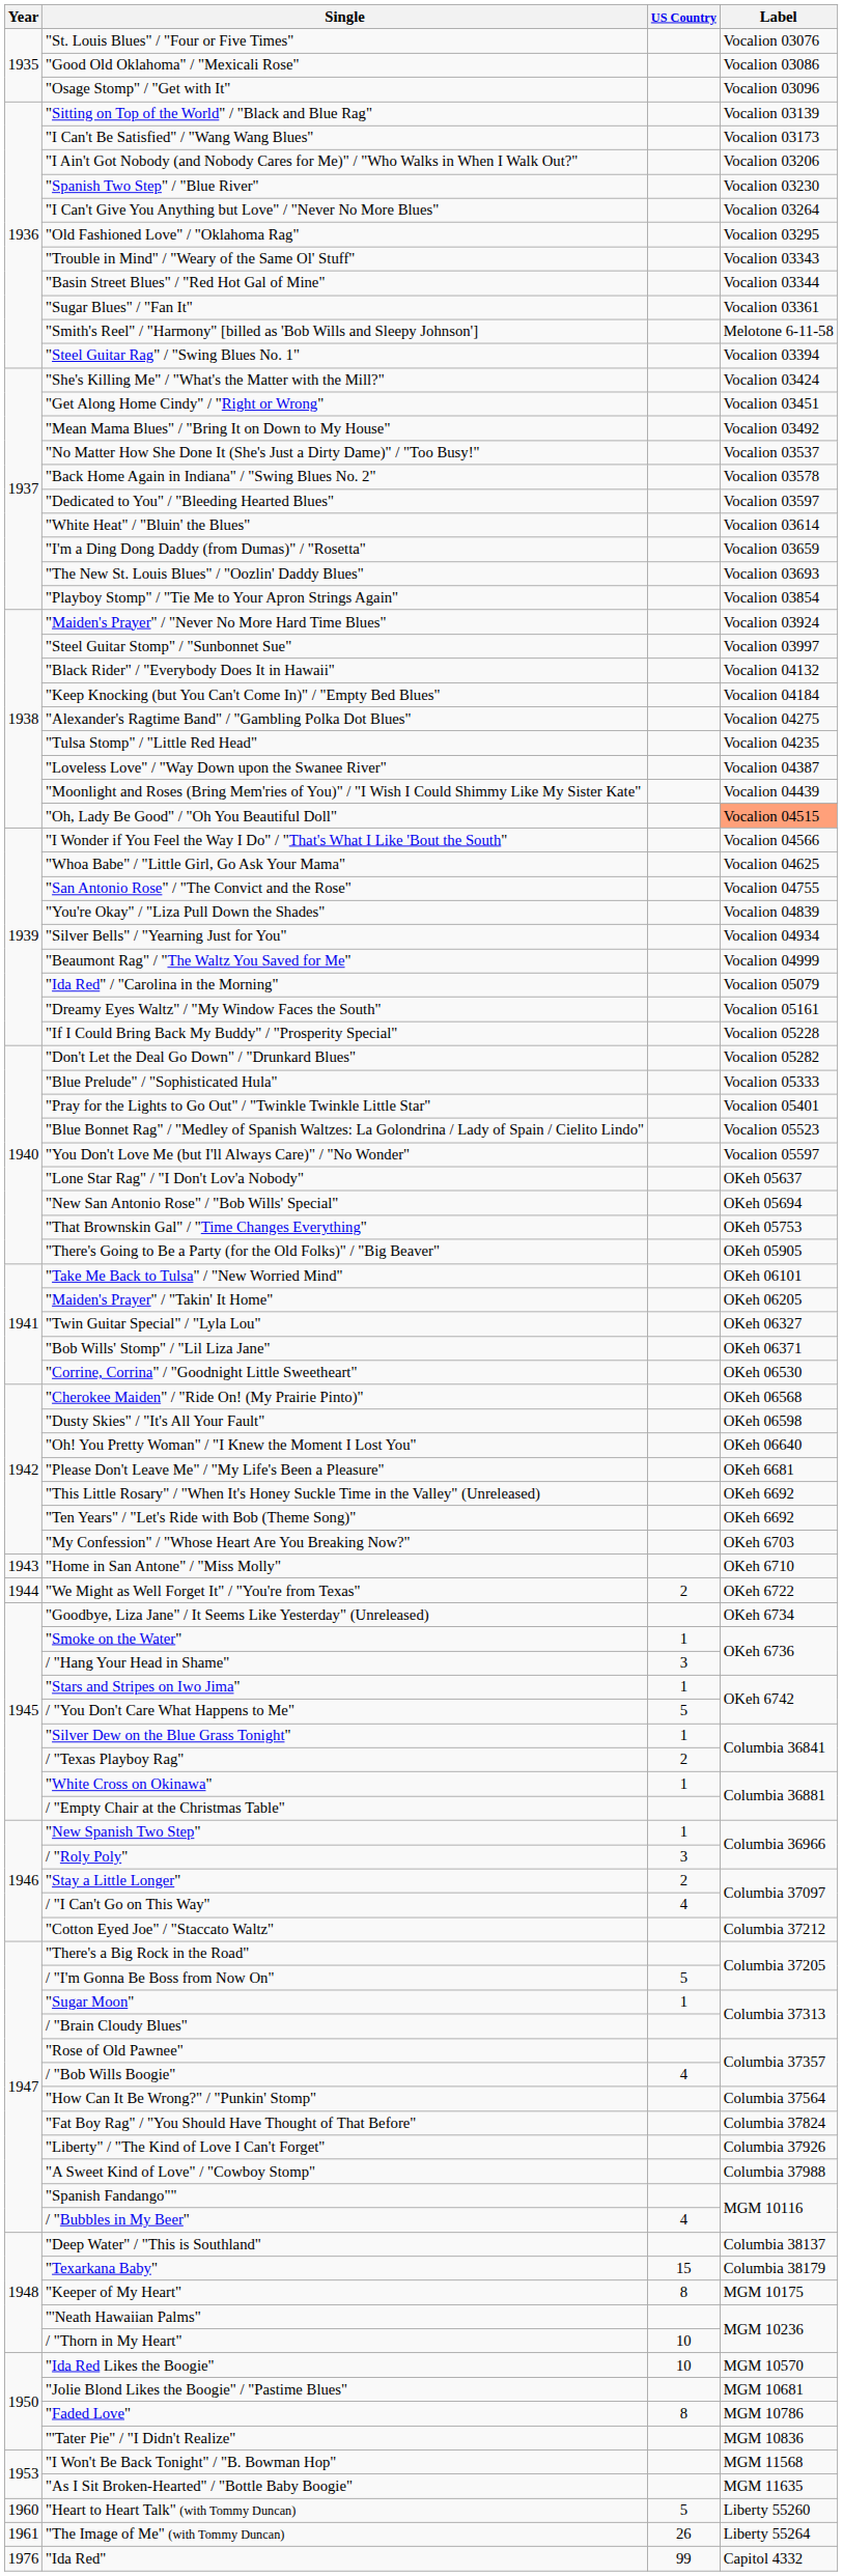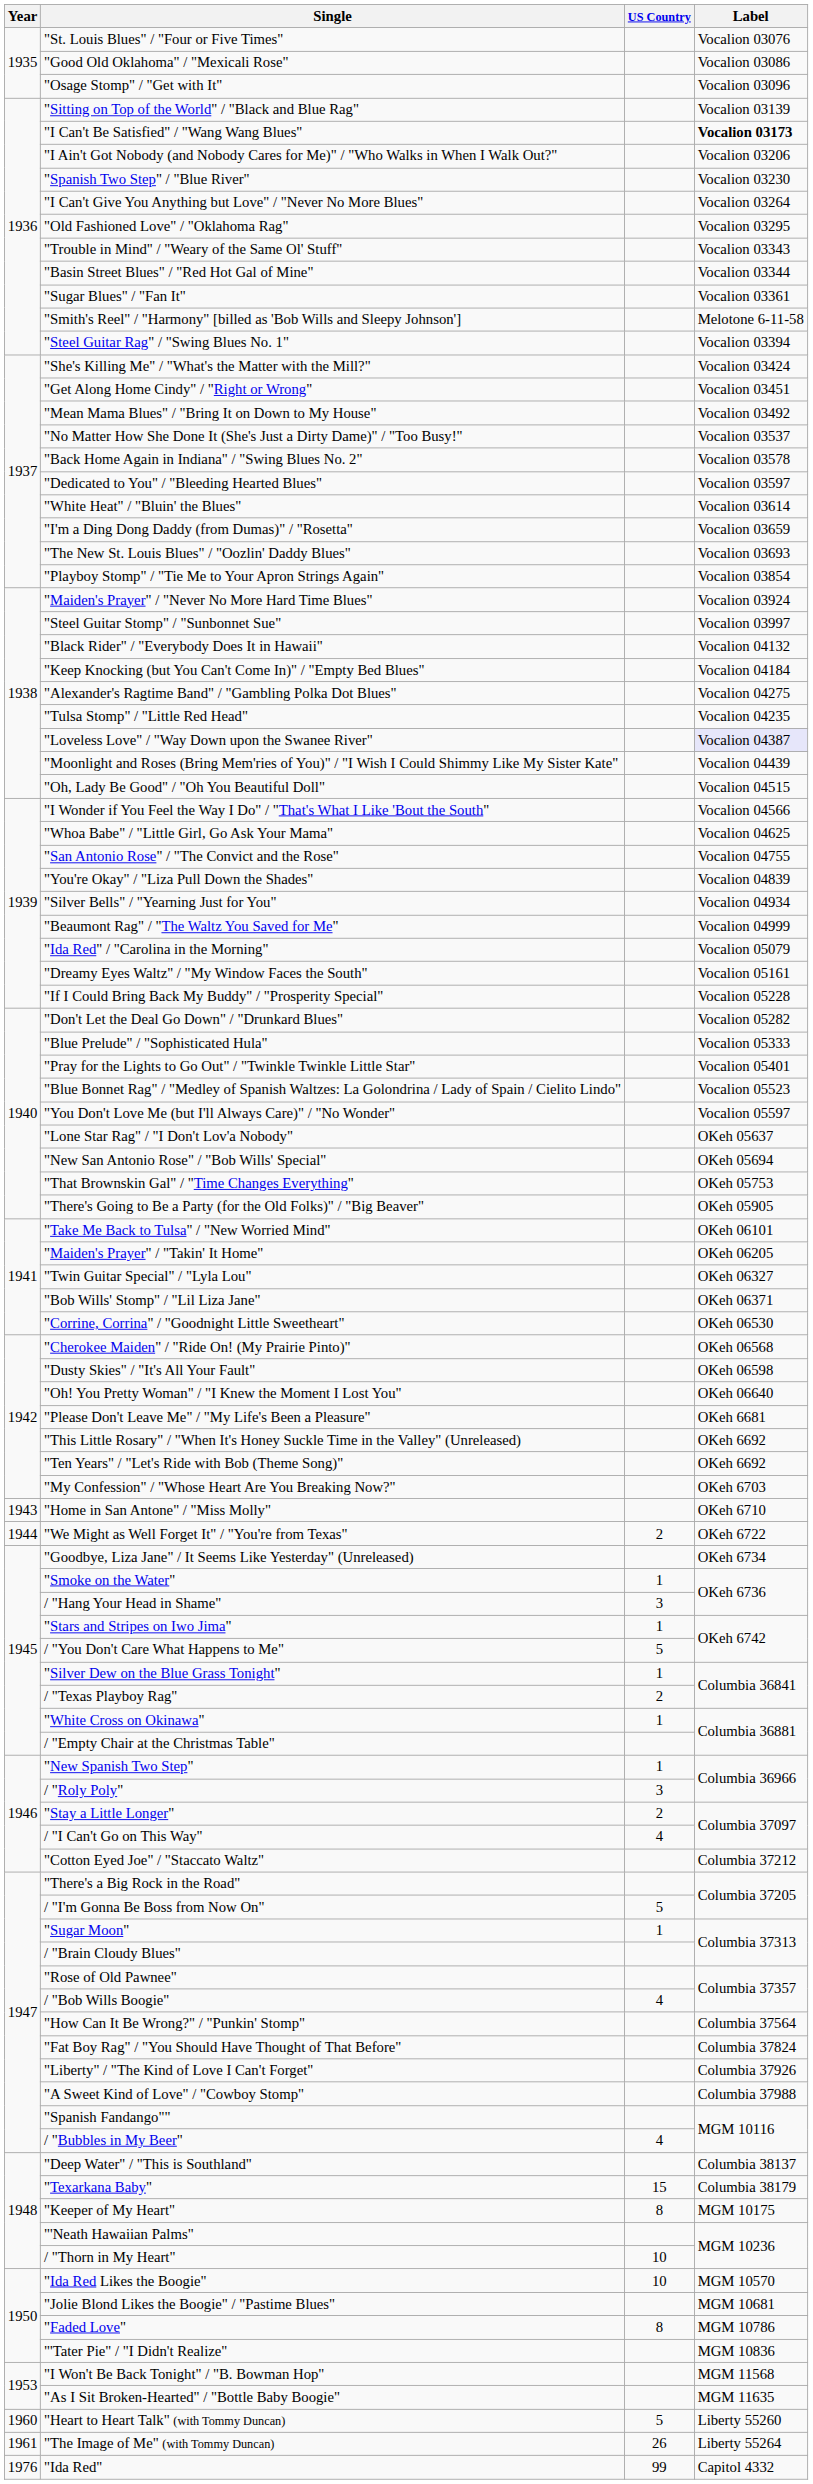 <table class="wikitable">
 <tr>
 <th>Year</th>
 <th>Single</th>
 <th><small><a href='#'>US Country</a></small></th>
 <th>Label</th>
 </tr>
 <tr>
 <td rowspan="3">1935</td>
 <td>"St. Louis Blues" / "Four or Five Times"</td>
 <td></td>
 <td>Vocalion 03076</td>
 </tr>
 <tr>
 <td>"Good Old Oklahoma" / "Mexicali Rose"</td>
 <td></td>
 <td>Vocalion 03086</td>
 </tr>
 <tr>
 <td>"Osage Stomp" / "Get with It"</td>
 <td></td>
 <td>Vocalion 03096</td>
 </tr>
 <tr>
 <td rowspan="11">1936</td>
 <td>"<a href='#'>Sitting on Top of the World</a>" / "Black and Blue Rag"</td>
 <td></td>
 <td>Vocalion 03139</td>
 </tr>
 <tr>
 <td>"I Can't Be Satisfied" / "Wang Wang Blues"</td>
 <td></td>
-<td>Vocalion 03173</td>
+<td><strong>Vocalion 03173</strong></td>
 </tr>
 <tr>
 <td>"I Ain't Got Nobody (and Nobody Cares for Me)" / "Who Walks in When I Walk Out?"</td>
 <td></td>
 <td>Vocalion 03206</td>
 </tr>
 <tr>
 <td>"<a href='#'>Spanish Two Step</a>" / "Blue River"</td>
 <td></td>
 <td>Vocalion 03230</td>
 </tr>
 <tr>
 <td>"I Can't Give You Anything but Love" / "Never No More Blues"</td>
 <td></td>
 <td>Vocalion 03264</td>
 </tr>
 <tr>
 <td>"Old Fashioned Love" / "Oklahoma Rag"</td>
 <td></td>
 <td>Vocalion 03295</td>
 </tr>
 <tr>
 <td>"Trouble in Mind" / "Weary of the Same Ol' Stuff"</td>
 <td></td>
 <td>Vocalion 03343</td>
 </tr>
 <tr>
 <td>"Basin Street Blues" / "Red Hot Gal of Mine"</td>
 <td></td>
 <td>Vocalion 03344</td>
 </tr>
 <tr>
 <td>"Sugar Blues" / "Fan It"</td>
 <td></td>
 <td>Vocalion 03361</td>
 </tr>
 <tr>
 <td>"Smith's Reel" / "Harmony" [billed as 'Bob Wills and Sleepy Johnson']</td>
 <td></td>
 <td>Melotone 6-11-58</td>
 </tr>
 <tr>
 <td>"<a href='#'>Steel Guitar Rag</a>" / "Swing Blues No. 1"</td>
 <td></td>
 <td>Vocalion 03394</td>
 </tr>
 <tr>
 <td rowspan="10">1937</td>
 <td>"She's Killing Me" / "What's the Matter with the Mill?"</td>
 <td></td>
 <td>Vocalion 03424</td>
 </tr>
 <tr>
 <td>"Get Along Home Cindy" / "<a href='#'>Right or Wrong</a>"</td>
 <td></td>
 <td>Vocalion 03451</td>
 </tr>
 <tr>
 <td>"Mean Mama Blues" / "Bring It on Down to My House"</td>
 <td></td>
 <td>Vocalion 03492</td>
 </tr>
 <tr>
 <td>"No Matter How She Done It (She's Just a Dirty Dame)" / "Too Busy!"</td>
 <td></td>
 <td>Vocalion 03537</td>
 </tr>
 <tr>
 <td>"Back Home Again in Indiana" / "Swing Blues No. 2"</td>
 <td></td>
 <td>Vocalion 03578</td>
 </tr>
 <tr>
 <td>"Dedicated to You" / "Bleeding Hearted Blues"</td>
 <td></td>
 <td>Vocalion 03597</td>
 </tr>
 <tr>
 <td>"White Heat" / "Bluin' the Blues"</td>
 <td></td>
 <td>Vocalion 03614</td>
 </tr>
 <tr>
 <td>"I'm a Ding Dong Daddy (from Dumas)" / "Rosetta"</td>
 <td></td>
 <td>Vocalion 03659</td>
 </tr>
 <tr>
 <td>"The New St. Louis Blues" / "Oozlin' Daddy Blues"</td>
 <td></td>
 <td>Vocalion 03693</td>
 </tr>
 <tr>
 <td>"Playboy Stomp" / "Tie Me to Your Apron Strings Again"</td>
 <td></td>
 <td>Vocalion 03854</td>
 </tr>
 <tr>
 <td rowspan="9">1938</td>
 <td>"<a href='#'>Maiden's Prayer</a>" / "Never No More Hard Time Blues"</td>
 <td></td>
 <td>Vocalion 03924</td>
 </tr>
 <tr>
 <td>"Steel Guitar Stomp" / "Sunbonnet Sue"</td>
 <td></td>
 <td>Vocalion 03997</td>
 </tr>
 <tr>
 <td>"Black Rider" / "Everybody Does It in Hawaii"</td>
 <td></td>
 <td>Vocalion 04132</td>
 </tr>
 <tr>
 <td>"Keep Knocking (but You Can't Come In)" / "Empty Bed Blues"</td>
 <td></td>
 <td>Vocalion 04184</td>
 </tr>
 <tr>
 <td>"Alexander's Ragtime Band" / "Gambling Polka Dot Blues"</td>
 <td></td>
 <td>Vocalion 04275</td>
 </tr>
 <tr>
 <td>"Tulsa Stomp" / "Little Red Head"</td>
 <td></td>
 <td>Vocalion 04235</td>
 </tr>
 <tr>
 <td>"Loveless Love" / "Way Down upon the Swanee River"</td>
 <td></td>
-<td>Vocalion 04387</td>
+<td style="background: lavender;">Vocalion 04387</td>
 </tr>
 <tr>
 <td>"Moonlight and Roses (Bring Mem'ries of You)" / "I Wish I Could Shimmy Like My Sister Kate"</td>
 <td></td>
 <td>Vocalion 04439</td>
 </tr>
 <tr>
 <td>"Oh, Lady Be Good" / "Oh You Beautiful Doll"</td>
 <td></td>
-<td style="background: lightsalmon;">Vocalion 04515</td>
+<td>Vocalion 04515</td>
 </tr>
 <tr>
 <td rowspan="9">1939</td>
 <td>"I Wonder if You Feel the Way I Do" / "<a href='#'>That's What I Like 'Bout the South</a>"</td>
 <td></td>
 <td>Vocalion 04566</td>
 </tr>
 <tr>
 <td>"Whoa Babe" / "Little Girl, Go Ask Your Mama"</td>
 <td></td>
 <td>Vocalion 04625</td>
 </tr>
 <tr>
 <td>"<a href='#'>San Antonio Rose</a>" / "The Convict and the Rose"</td>
 <td></td>
 <td>Vocalion 04755</td>
 </tr>
 <tr>
 <td>"You're Okay" / "Liza Pull Down the Shades"</td>
 <td></td>
 <td>Vocalion 04839</td>
 </tr>
 <tr>
 <td>"Silver Bells" / "Yearning Just for You"</td>
 <td></td>
 <td>Vocalion 04934</td>
 </tr>
 <tr>
 <td>"Beaumont Rag" / "<a href='#'>The Waltz You Saved for Me</a>"</td>
 <td></td>
 <td>Vocalion 04999</td>
 </tr>
 <tr>
 <td>"<a href='#'>Ida Red</a>" / "Carolina in the Morning"</td>
 <td></td>
 <td>Vocalion 05079</td>
 </tr>
 <tr>
 <td>"Dreamy Eyes Waltz" / "My Window Faces the South"</td>
 <td></td>
 <td>Vocalion 05161</td>
 </tr>
 <tr>
 <td>"If I Could Bring Back My Buddy" / "Prosperity Special"</td>
 <td></td>
 <td>Vocalion 05228</td>
 </tr>
 <tr>
 <td rowspan="9">1940</td>
 <td>"Don't Let the Deal Go Down" / "Drunkard Blues"</td>
 <td></td>
 <td>Vocalion 05282</td>
 </tr>
 <tr>
 <td>"Blue Prelude" / "Sophisticated Hula"</td>
 <td></td>
 <td>Vocalion 05333</td>
 </tr>
 <tr>
 <td>"Pray for the Lights to Go Out" / "Twinkle Twinkle Little Star"</td>
 <td></td>
 <td>Vocalion 05401</td>
 </tr>
 <tr>
 <td>"Blue Bonnet Rag" / "Medley of Spanish Waltzes: La Golondrina / Lady of Spain / Cielito Lindo"</td>
 <td></td>
 <td>Vocalion 05523</td>
 </tr>
 <tr>
 <td>"You Don't Love Me (but I'll Always Care)" / "No Wonder"</td>
 <td></td>
 <td>Vocalion 05597</td>
 </tr>
 <tr>
 <td>"Lone Star Rag" / "I Don't Lov'a Nobody"</td>
 <td></td>
 <td>OKeh 05637</td>
 </tr>
 <tr>
 <td>"New San Antonio Rose" / "Bob Wills' Special"</td>
 <td></td>
 <td>OKeh 05694</td>
 </tr>
 <tr>
 <td>"That Brownskin Gal" / "<a href='#'>Time Changes Everything</a>"</td>
 <td></td>
 <td>OKeh 05753</td>
 </tr>
 <tr>
 <td>"There's Going to Be a Party (for the Old Folks)" / "Big Beaver"</td>
 <td></td>
 <td>OKeh 05905</td>
 </tr>
 <tr>
 <td rowspan="5">1941</td>
 <td>"<a href='#'>Take Me Back to Tulsa</a>" / "New Worried Mind"</td>
 <td></td>
 <td>OKeh 06101</td>
 </tr>
 <tr>
 <td>"<a href='#'>Maiden's Prayer</a>" / "Takin' It Home"</td>
 <td></td>
 <td>OKeh 06205</td>
 </tr>
 <tr>
 <td>"Twin Guitar Special" / "Lyla Lou"</td>
 <td></td>
 <td>OKeh 06327</td>
 </tr>
 <tr>
 <td>"Bob Wills' Stomp" / "Lil Liza Jane"</td>
 <td></td>
 <td>OKeh 06371</td>
 </tr>
 <tr>
 <td>"<a href='#'>Corrine, Corrina</a>" / "Goodnight Little Sweetheart"</td>
 <td></td>
 <td>OKeh 06530</td>
 </tr>
 <tr>
 <td rowspan="7">1942</td>
 <td>"<a href='#'>Cherokee Maiden</a>" / "Ride On! (My Prairie Pinto)"</td>
 <td></td>
 <td>OKeh 06568</td>
 </tr>
 <tr>
 <td>"Dusty Skies" / "It's All Your Fault"</td>
 <td></td>
 <td>OKeh 06598</td>
 </tr>
 <tr>
 <td>"Oh! You Pretty Woman" / "I Knew the Moment I Lost You"</td>
 <td></td>
 <td>OKeh 06640</td>
 </tr>
 <tr>
 <td>"Please Don't Leave Me" / "My Life's Been a Pleasure"</td>
 <td></td>
 <td>OKeh 6681</td>
 </tr>
 <tr>
 <td>"This Little Rosary" / "When It's Honey Suckle Time in the Valley" (Unreleased)</td>
 <td></td>
 <td>OKeh 6692</td>
 </tr>
 <tr>
 <td>"Ten Years" / "Let's Ride with Bob (Theme Song)"</td>
 <td></td>
 <td>OKeh 6692</td>
 </tr>
 <tr>
 <td>"My Confession" / "Whose Heart Are You Breaking Now?"</td>
 <td></td>
 <td>OKeh 6703</td>
 </tr>
 <tr>
 <td>1943</td>
 <td>"Home in San Antone" / "Miss Molly"</td>
 <td></td>
 <td>OKeh 6710</td>
 </tr>
 <tr>
 <td>1944</td>
 <td>"We Might as Well Forget It" / "You're from Texas"</td>
 <td style="text-align:center;">2</td>
 <td>OKeh 6722</td>
 </tr>
 <tr>
 <td rowspan="9">1945</td>
 <td>"Goodbye, Liza Jane" / It Seems Like Yesterday" (Unreleased)</td>
 <td></td>
 <td>OKeh 6734</td>
 </tr>
 <tr>
 <td>"<a href='#'>Smoke on the Water</a>"</td>
 <td style="text-align:center;">1</td>
 <td rowspan="2">OKeh 6736</td>
 </tr>
 <tr>
 <td>/ "Hang Your Head in Shame"</td>
 <td style="text-align:center;">3</td>
 </tr>
 <tr>
 <td>"<a href='#'>Stars and Stripes on Iwo Jima</a>"</td>
 <td style="text-align:center;">1</td>
 <td rowspan="2">OKeh 6742</td>
 </tr>
 <tr>
 <td>/ "You Don't Care What Happens to Me"</td>
 <td style="text-align:center;">5</td>
 </tr>
 <tr>
 <td>"<a href='#'>Silver Dew on the Blue Grass Tonight</a>"</td>
 <td style="text-align:center;">1</td>
 <td rowspan="2">Columbia 36841</td>
 </tr>
 <tr>
 <td>/ "Texas Playboy Rag"</td>
 <td style="text-align:center;">2</td>
 </tr>
 <tr>
 <td>"<a href='#'>White Cross on Okinawa</a>"</td>
 <td style="text-align:center;">1</td>
 <td rowspan="2">Columbia 36881</td>
 </tr>
 <tr>
 <td>/ "Empty Chair at the Christmas Table"</td>
 <td style="text-align:center;"></td>
 </tr>
 <tr>
 <td rowspan="5">1946</td>
 <td>"<a href='#'>New Spanish Two Step</a>"</td>
 <td style="text-align:center;">1</td>
 <td rowspan="2">Columbia 36966</td>
 </tr>
 <tr>
 <td>/ "<a href='#'>Roly Poly</a>"</td>
 <td style="text-align:center;">3</td>
 </tr>
 <tr>
 <td>"<a href='#'>Stay a Little Longer</a>"</td>
 <td style="text-align:center;">2</td>
 <td rowspan="2">Columbia 37097</td>
 </tr>
 <tr>
 <td>/ "I Can't Go on This Way"</td>
 <td style="text-align:center;">4</td>
 </tr>
 <tr>
 <td>"Cotton Eyed Joe" / "Staccato Waltz"</td>
 <td></td>
 <td>Columbia 37212</td>
 </tr>
 <tr>
 <td rowspan="12">1947</td>
 <td>"There's a Big Rock in the Road"</td>
 <td style="text-align:center;"></td>
 <td rowspan="2">Columbia 37205</td>
 </tr>
 <tr>
 <td>/ "I'm Gonna Be Boss from Now On"</td>
 <td style="text-align:center;">5</td>
 </tr>
 <tr>
 <td>"<a href='#'>Sugar Moon</a>"</td>
 <td style="text-align:center;">1</td>
 <td rowspan="2">Columbia 37313</td>
 </tr>
 <tr>
 <td>/ "Brain Cloudy Blues"</td>
 <td style="text-align:center;"></td>
 </tr>
 <tr>
 <td>"Rose of Old Pawnee"</td>
 <td style="text-align:center;"></td>
 <td rowspan="2">Columbia 37357</td>
 </tr>
 <tr>
 <td>/ "Bob Wills Boogie"</td>
 <td style="text-align:center;">4</td>
 </tr>
 <tr>
 <td>"How Can It Be Wrong?" / "Punkin' Stomp"</td>
 <td></td>
 <td>Columbia 37564</td>
 </tr>
 <tr>
 <td>"Fat Boy Rag" / "You Should Have Thought of That Before"</td>
 <td></td>
 <td>Columbia 37824</td>
 </tr>
 <tr>
 <td>"Liberty" / "The Kind of Love I Can't Forget"</td>
 <td></td>
 <td>Columbia 37926</td>
 </tr>
 <tr>
 <td>"A Sweet Kind of Love" / "Cowboy Stomp"</td>
 <td></td>
 <td>Columbia 37988</td>
 </tr>
 <tr>
 <td>"Spanish Fandango""</td>
 <td style="text-align:center;"></td>
 <td rowspan="2">MGM 10116</td>
 </tr>
 <tr>
 <td>/ "<a href='#'>Bubbles in My Beer</a>"</td>
 <td style="text-align:center;">4</td>
 </tr>
 <tr>
 <td rowspan="5">1948</td>
 <td>"Deep Water" / "This is Southland"</td>
 <td style="text-align:center;"></td>
 <td>Columbia 38137</td>
 </tr>
 <tr>
 <td>"<a href='#'>Texarkana Baby</a>"</td>
 <td style="text-align:center;">15</td>
 <td>Columbia 38179</td>
 </tr>
 <tr>
 <td>"Keeper of My Heart"</td>
 <td style="text-align:center;">8</td>
 <td>MGM 10175</td>
 </tr>
 <tr>
 <td>"'Neath Hawaiian Palms"</td>
 <td style="text-align:center;"></td>
 <td rowspan="2">MGM 10236</td>
 </tr>
 <tr>
 <td>/ "Thorn in My Heart"</td>
 <td style="text-align:center;">10</td>
 </tr>
 <tr>
 <td rowspan="4">1950</td>
 <td>"<a href='#'>Ida Red</a> Likes the Boogie"</td>
 <td style="text-align:center;">10</td>
 <td>MGM 10570</td>
 </tr>
 <tr>
 <td>"Jolie Blond Likes the Boogie" / "Pastime Blues"</td>
 <td style="text-align:center;"></td>
 <td>MGM 10681</td>
 </tr>
 <tr>
 <td>"<a href='#'>Faded Love</a>"</td>
 <td style="text-align:center;">8</td>
 <td>MGM 10786</td>
 </tr>
 <tr>
 <td>"'Tater Pie" / "I Didn't Realize"</td>
 <td style="text-align:center;"></td>
 <td>MGM 10836</td>
 </tr>
 <tr>
 <td rowspan="2">1953</td>
 <td>"I Won't Be Back Tonight" / "B. Bowman Hop"</td>
 <td style="text-align:center;"></td>
 <td>MGM 11568</td>
 </tr>
 <tr>
 <td>"As I Sit Broken-Hearted" / "Bottle Baby Boogie"</td>
 <td style="text-align:center;"></td>
 <td>MGM 11635</td>
 </tr>
 <tr>
 <td>1960</td>
 <td>"Heart to Heart Talk" <small>(with Tommy Duncan)</small></td>
 <td style="text-align:center;">5</td>
 <td>Liberty 55260</td>
 </tr>
 <tr>
 <td>1961</td>
 <td>"The Image of Me" <small>(with Tommy Duncan)</small></td>
 <td style="text-align:center;">26</td>
 <td>Liberty 55264</td>
 </tr>
 <tr>
 <td>1976</td>
 <td>"Ida Red"</td>
 <td style="text-align:center;">99</td>
 <td>Capitol 4332</td>
 </tr>
 </table>
